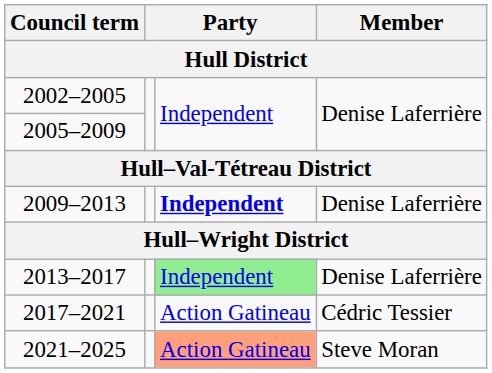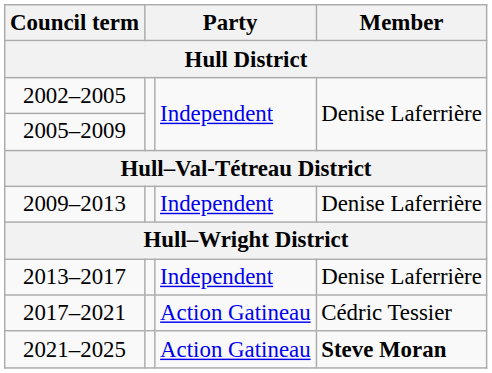 <table class="wikitable">
 <tr>
 <th>Council term</th>
 <th colspan="2">Party</th>
 <th>Member</th>
 </tr>
 <tr>
 <th colspan="4">Hull District</th>
 </tr>
 <tr>
 <td align="center">2002–2005</td>
 <td rowspan="2" style="color:inherit;background-color:"></td>
 <td rowspan="2"><a href='#'>Independent</a></td>
 <td rowspan="2">Denise Laferrière</td>
 </tr>
 <tr>
 <td align="center">2005–2009</td>
 </tr>
 <tr>
 <th colspan="4">Hull–Val-Tétreau District</th>
 </tr>
 <tr>
 <td align="center">2009–2013</td>
 <td style="color:inherit;background-color:"></td>
-<td><strong><a href='#'>Independent</a></strong></td>
+<td><a href='#'>Independent</a></td>
 <td>Denise Laferrière</td>
 </tr>
 <tr>
 <th colspan="4">Hull–Wright District</th>
 </tr>
 <tr>
 <td align="center">2013–2017</td>
 <td style="color:inherit;background-color:"></td>
-<td style="background: lightgreen;"><a href='#'>Independent</a></td>
+<td><a href='#'>Independent</a></td>
 <td>Denise Laferrière</td>
 </tr>
 <tr>
 <td align="center">2017–2021</td>
 <td style="color:inherit;background-color:"></td>
 <td><a href='#'>Action Gatineau</a></td>
 <td>Cédric Tessier</td>
 </tr>
 <tr>
 <td align="center">2021–2025</td>
 <td style="color:inherit;background-color:"></td>
-<td style="background: lightsalmon;"><a href='#'>Action Gatineau</a></td>
-<td>Steve Moran</td>
+<td><a href='#'>Action Gatineau</a></td>
+<td><strong>Steve Moran</strong></td>
 </tr>
 </table>
